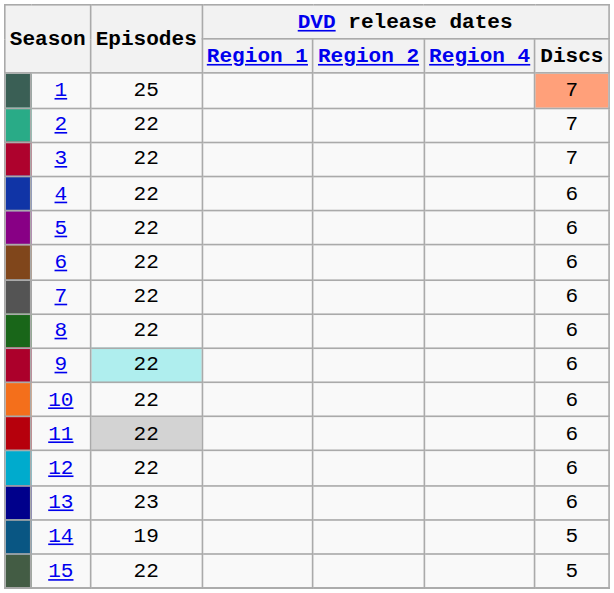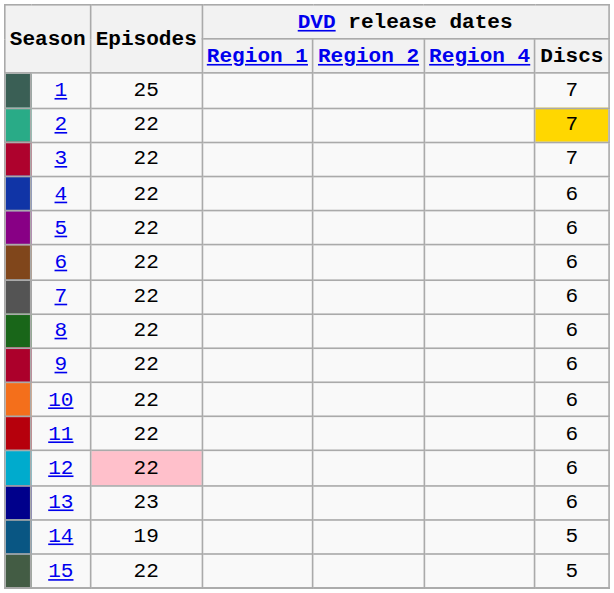 <table class="wikitable plainrowheaders" style="text-align: center;">
 <tr>
 <th scope="col" rowspan="2" colspan="2">Season</th>
 <th scope="col" rowspan="2">Episodes</th>
 <th scope="col" colspan="4"><a href='#'>DVD</a> release dates</th>
 </tr>
 <tr>
 <th scope="col"><a href='#'>Region 1</a></th>
 <th scope="col"><a href='#'>Region 2</a></th>
 <th scope="col"><a href='#'>Region 4</a></th>
 <th scope="col">Discs</th>
 </tr>
 <tr>
 <td style="background: #3A5F55; width:10px;"></td>
 <td scope="row"><a href='#'>1</a></td>
 <td>25</td>
 <td></td>
 <td></td>
 <td></td>
-<td style="background: lightsalmon;">7</td>
+<td>7</td>
 </tr>
 <tr>
 <td style="background: #29AB87; width:10px;"></td>
 <td scope="row"><a href='#'>2</a></td>
 <td>22</td>
 <td></td>
 <td></td>
 <td></td>
-<td>7</td>
+<td style="background: gold;">7</td>
 </tr>
 <tr>
 <td style="background: #AE022D; width:10px;"></td>
 <td scope="row"><a href='#'>3</a></td>
 <td>22</td>
 <td></td>
 <td></td>
 <td></td>
 <td>7</td>
 </tr>
 <tr>
 <td style="background: #1034A6; width:10px;"></td>
 <td scope="row"><a href='#'>4</a></td>
 <td>22</td>
 <td></td>
 <td></td>
 <td></td>
 <td>6</td>
 </tr>
 <tr>
 <td style="background: #880085; width:10px;"></td>
 <td scope="row"><a href='#'>5</a></td>
 <td>22</td>
 <td></td>
 <td></td>
 <td></td>
 <td>6</td>
 </tr>
 <tr>
 <td style="background: #80461B; width:10px;"></td>
 <td scope="row"><a href='#'>6</a></td>
 <td>22</td>
 <td></td>
 <td></td>
 <td></td>
 <td>6</td>
 </tr>
 <tr>
 <td style="background: #545454; width:10px;"></td>
 <td scope="row"><a href='#'>7</a></td>
 <td>22</td>
 <td></td>
 <td></td>
 <td></td>
 <td>6</td>
 </tr>
 <tr>
 <td style="background: #196619; width:10px;"></td>
 <td scope="row"><a href='#'>8</a></td>
 <td>22</td>
 <td></td>
 <td></td>
 <td></td>
 <td>6</td>
 </tr>
 <tr>
 <td style="background: #AC002B; width:10px;"></td>
 <td scope="row"><a href='#'>9</a></td>
-<td style="background: paleturquoise;">22</td>
+<td>22</td>
 <td></td>
 <td></td>
 <td></td>
 <td>6</td>
 </tr>
 <tr>
 <td style="background: #F46F1B; width:10px;"></td>
 <td scope="row"><a href='#'>10</a></td>
 <td>22</td>
 <td></td>
 <td></td>
 <td></td>
 <td>6</td>
 </tr>
 <tr>
 <td style="background: #B6000C; width:10px;"></td>
 <td scope="row"><a href='#'>11</a></td>
-<td style="background: lightgrey;">22</td>
+<td>22</td>
 <td></td>
 <td></td>
 <td></td>
 <td>6</td>
 </tr>
 <tr>
 <td style="background: #00ABCD; width:10px;"></td>
 <td scope="row"><a href='#'>12</a></td>
-<td>22</td>
+<td style="background: pink;">22</td>
 <td></td>
 <td></td>
 <td></td>
 <td>6</td>
 </tr>
 <tr>
 <td style="background: #00008B; width:10px;"></td>
 <td scope="row"><a href='#'>13</a></td>
 <td>23</td>
 <td></td>
 <td></td>
 <td></td>
 <td>6</td>
 </tr>
 <tr>
 <td style="background: #095683; width:10px;"></td>
 <td scope="row"><a href='#'>14</a></td>
 <td>19</td>
 <td></td>
 <td></td>
 <td></td>
 <td>5</td>
 </tr>
 <tr>
 <td style="background: #435C44; width:10px;"></td>
 <td scope="row"><a href='#'>15</a></td>
 <td>22</td>
 <td></td>
 <td></td>
 <td></td>
 <td>5</td>
 </tr>
 <tr>
 </tr>
 </table>
